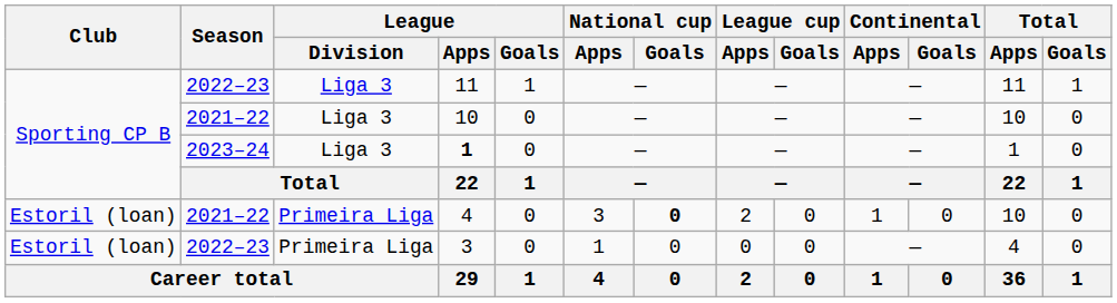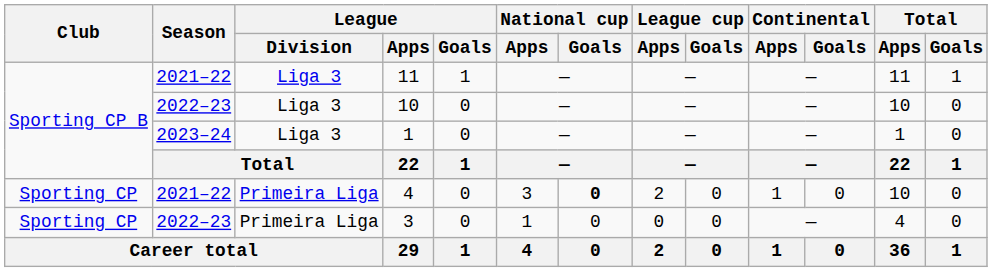 <table class="wikitable" style="text-align: center">
 <tr>
 <th rowspan="2">Club</th>
 <th rowspan="2">Season</th>
 <th colspan="3">League</th>
 <th colspan="2">National cup</th>
 <th colspan="2">League cup</th>
 <th colspan="2">Continental</th>
 <th colspan="2">Total</th>
 </tr>
 <tr>
 <th>Division</th>
 <th>Apps</th>
 <th>Goals</th>
 <th>Apps</th>
 <th>Goals</th>
 <th>Apps</th>
 <th>Goals</th>
 <th>Apps</th>
 <th>Goals</th>
 <th>Apps</th>
 <th>Goals</th>
 </tr>
 <tr>
 <td rowspan="4"><a href='#'>Sporting CP B</a></td>
-<td><a href='#'>2022–23</a></td>
+<td><a href='#'>2021–22</a></td>
 <td><a href='#'>Liga 3</a></td>
 <td>11</td>
 <td>1</td>
 <td colspan="2">—</td>
 <td colspan="2">—</td>
 <td colspan="2">—</td>
 <td>11</td>
 <td>1</td>
 </tr>
 <tr>
-<td><a href='#'>2021–22</a></td>
+<td><a href='#'>2022–23</a></td>
 <td>Liga 3</td>
 <td>10</td>
 <td>0</td>
 <td colspan="2">—</td>
 <td colspan="2">—</td>
 <td colspan="2">—</td>
 <td>10</td>
 <td>0</td>
 </tr>
 <tr>
 <td><a href='#'>2023–24</a></td>
 <td>Liga 3</td>
-<td><strong>1</strong></td>
+<td>1</td>
 <td>0</td>
 <td colspan="2">—</td>
 <td colspan="2">—</td>
 <td colspan="2">—</td>
 <td>1</td>
 <td>0</td>
 </tr>
 <tr>
 <th colspan="2">Total</th>
 <th>22</th>
 <th>1</th>
 <th colspan="2">—</th>
 <th colspan="2">—</th>
 <th colspan="2">—</th>
 <th>22</th>
 <th>1</th>
 </tr>
 <tr>
-<td><a href='#'>Estoril</a> (loan)</td>
+<td><a href='#'>Sporting CP</a></td>
 <td><a href='#'>2021–22</a></td>
 <td><a href='#'>Primeira Liga</a></td>
 <td>4</td>
 <td>0</td>
 <td>3</td>
 <td><strong>0</strong></td>
 <td>2</td>
 <td>0</td>
 <td>1</td>
 <td>0</td>
 <td>10</td>
 <td>0</td>
 </tr>
 <tr>
-<td><a href='#'>Estoril</a> (loan)</td>
+<td><a href='#'>Sporting CP</a></td>
 <td><a href='#'>2022–23</a></td>
 <td>Primeira Liga</td>
 <td>3</td>
 <td>0</td>
 <td>1</td>
 <td>0</td>
 <td>0</td>
 <td>0</td>
 <td colspan="2">—</td>
 <td>4</td>
 <td>0</td>
 </tr>
 <tr>
 <th colspan="3"><strong>Career total</strong></th>
 <th>29</th>
 <th>1</th>
 <th>4</th>
 <th>0</th>
 <th>2</th>
 <th>0</th>
 <th>1</th>
 <th>0</th>
 <th>36</th>
 <th>1</th>
 </tr>
 </table>
